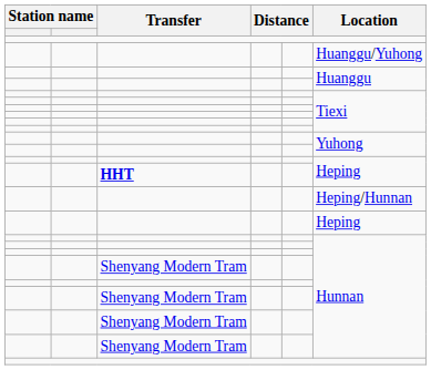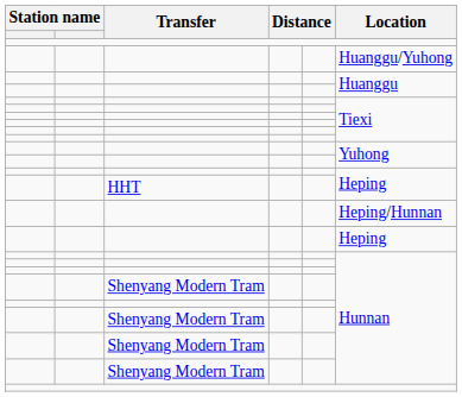 <table class="wikitable">
 <tr>
 <th colspan=2>Station name</th>
 <th rowspan=2>Transfer</th>
 <th colspan="2" rowspan="2">Distance<br></th>
 <th rowspan=2>Location</th>
 </tr>
 <tr>
 <th></th>
 <th></th>
 </tr>
 <tr style="background:#">
 <td colspan = "7"></td>
 </tr>
 <tr>
 <td></td>
 <td></td>
 <td></td>
 <td></td>
 <td></td>
 <td><a href='#'>Huanggu</a>/<a href='#'>Yuhong</a></td>
 </tr>
 <tr>
 <td></td>
 <td></td>
 <td></td>
 <td></td>
 <td></td>
 <td rowspan="2"><a href='#'>Huanggu</a></td>
 </tr>
 <tr>
 <td></td>
 <td></td>
 <td></td>
 <td></td>
 <td></td>
 </tr>
 <tr>
 <td></td>
 <td></td>
 <td></td>
 <td></td>
 <td></td>
 <td rowspan="6"><a href='#'>Tiexi</a></td>
 </tr>
 <tr>
 <td></td>
 <td></td>
 <td></td>
 <td></td>
 <td></td>
 </tr>
 <tr>
 <td></td>
 <td></td>
 <td></td>
 <td></td>
 <td></td>
 </tr>
 <tr>
 <td></td>
 <td></td>
 <td></td>
 <td></td>
 <td></td>
 </tr>
 <tr>
 <td></td>
 <td></td>
 <td></td>
 <td></td>
 <td></td>
 </tr>
 <tr>
 <td></td>
 <td></td>
 <td></td>
 <td></td>
 <td></td>
 </tr>
 <tr>
 <td></td>
 <td></td>
 <td></td>
 <td></td>
 <td></td>
 <td rowspan="2"><a href='#'>Yuhong</a></td>
 </tr>
 <tr>
 <td></td>
 <td></td>
 <td></td>
 <td></td>
 <td></td>
 </tr>
 <tr>
 <td></td>
 <td></td>
 <td></td>
 <td></td>
 <td></td>
 <td rowspan="2"><a href='#'>Heping</a></td>
 </tr>
 <tr>
 <td></td>
 <td></td>
-<td><strong> <a href='#'>HHT</a></strong></td>
+<td> <a href='#'>HHT</a></td>
 <td></td>
 <td></td>
 </tr>
 <tr>
 <td></td>
 <td></td>
 <td></td>
 <td></td>
 <td></td>
 <td><a href='#'>Heping</a>/<a href='#'>Hunnan</a></td>
 </tr>
 <tr>
 <td></td>
 <td></td>
 <td></td>
 <td></td>
 <td></td>
 <td><a href='#'>Heping</a></td>
 </tr>
 <tr>
 <td></td>
 <td></td>
 <td></td>
 <td></td>
 <td></td>
 <td rowspan="8"><a href='#'>Hunnan</a></td>
 </tr>
 <tr>
 <td></td>
 <td></td>
 <td></td>
 <td></td>
 <td></td>
 </tr>
 <tr>
 <td></td>
 <td></td>
 <td></td>
 <td></td>
 <td></td>
 </tr>
 <tr>
 <td></td>
 <td></td>
 <td> <a href='#'>Shenyang Modern Tram</a></td>
 <td></td>
 <td></td>
 </tr>
 <tr>
 <td></td>
 <td></td>
 <td></td>
 <td></td>
 <td></td>
 </tr>
 <tr>
 <td></td>
 <td></td>
 <td> <a href='#'>Shenyang Modern Tram</a></td>
 <td></td>
 <td></td>
 </tr>
 <tr>
 <td></td>
 <td></td>
 <td> <a href='#'>Shenyang Modern Tram</a></td>
 <td></td>
 <td></td>
 </tr>
 <tr>
 <td></td>
 <td></td>
 <td> <a href='#'>Shenyang Modern Tram</a></td>
 <td></td>
 <td></td>
 </tr>
 <tr style="background:#">
 <td colspan = "7"></td>
 </tr>
 </table>
